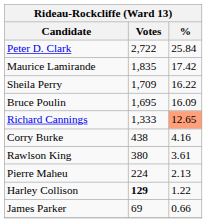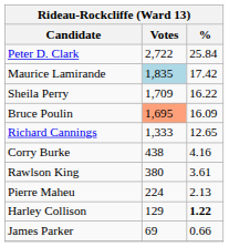 <table class="wikitable">
 <tr>
 <th colspan="3">Rideau-Rockcliffe (Ward 13)</th>
 </tr>
 <tr>
 <th style="width: 170px">Candidate</th>
 <th style="width: 50px">Votes</th>
 <th style="width: 40px">%</th>
 </tr>
 <tr>
 <td><a href='#'>Peter D. Clark</a></td>
 <td>2,722</td>
 <td>25.84</td>
 </tr>
 <tr>
 <td>Maurice Lamirande</td>
-<td>1,835</td>
+<td style="background: lightblue;">1,835</td>
 <td>17.42</td>
 </tr>
 <tr>
 <td>Sheila Perry</td>
 <td>1,709</td>
 <td>16.22</td>
 </tr>
 <tr>
 <td>Bruce Poulin</td>
-<td>1,695</td>
+<td style="background: lightsalmon;">1,695</td>
 <td>16.09</td>
 </tr>
 <tr>
 <td><a href='#'>Richard Cannings</a></td>
 <td>1,333</td>
-<td style="background: lightsalmon;">12.65</td>
+<td>12.65</td>
 </tr>
 <tr>
 <td>Corry Burke</td>
 <td>438</td>
 <td>4.16</td>
 </tr>
 <tr>
 <td>Rawlson King</td>
 <td>380</td>
 <td>3.61</td>
 </tr>
 <tr>
 <td>Pierre Maheu</td>
 <td>224</td>
 <td>2.13</td>
 </tr>
 <tr>
 <td>Harley Collison</td>
-<td><strong>129</strong></td>
-<td>1.22</td>
+<td>129</td>
+<td><strong>1.22</strong></td>
 </tr>
 <tr>
 <td>James Parker</td>
 <td>69</td>
 <td>0.66</td>
 </tr>
 <tr>
 </tr>
 </table>
